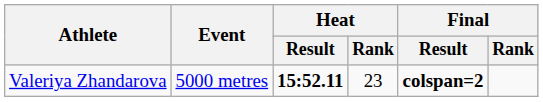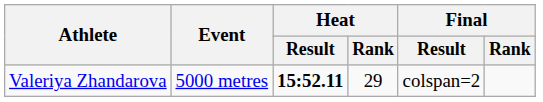 <table class="wikitable" style="font-size:90%">
 <tr>
 <th rowspan="2">Athlete</th>
 <th rowspan="2">Event</th>
 <th colspan="2">Heat</th>
 <th colspan="2">Final</th>
 </tr>
 <tr style="font-size:95%">
 <th>Result</th>
 <th>Rank</th>
 <th>Result</th>
 <th>Rank</th>
 </tr>
 <tr style=text-align:center>
 <td style=text-align:left><a href='#'>Valeriya Zhandarova</a></td>
 <td style=text-align:left><a href='#'>5000 metres</a></td>
 <td><strong>15:52.11</strong></td>
-<td>23</td>
-<td><strong>colspan=2 </strong></td>
+<td>29</td>
+<td>colspan=2 </td>
 </tr>
 </table>
